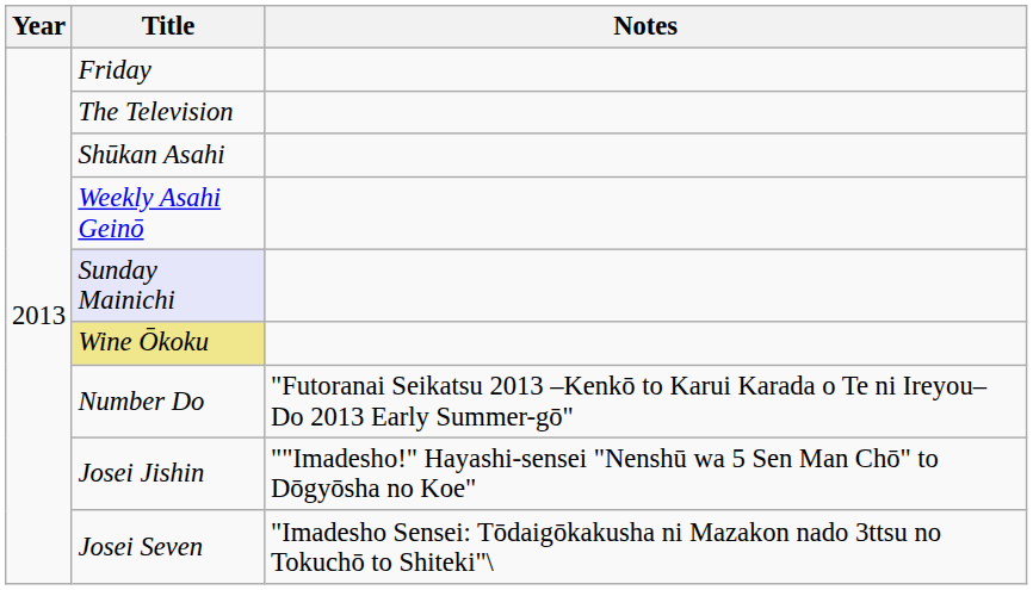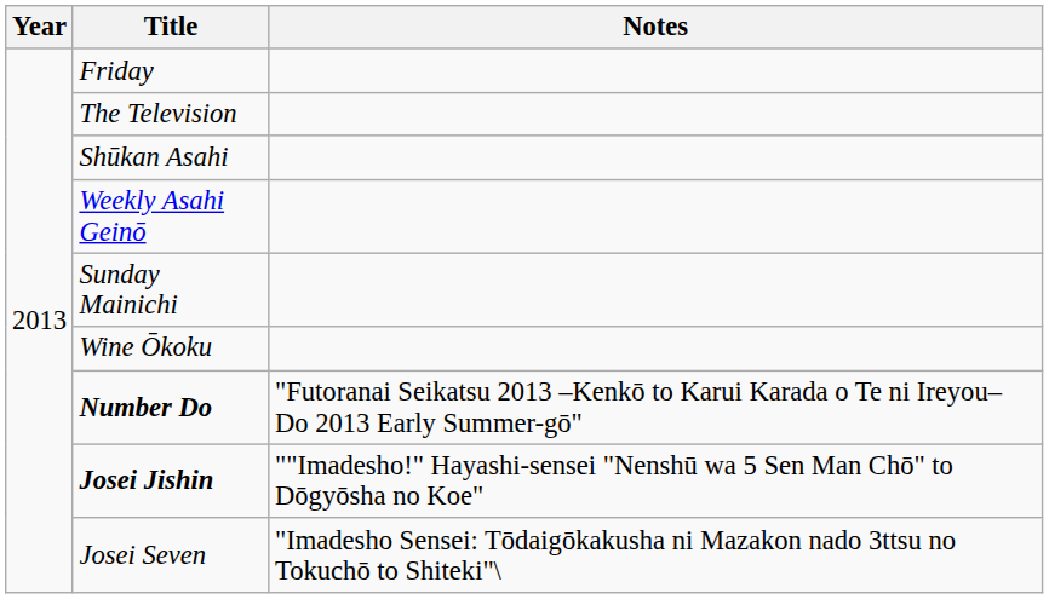 <table class="wikitable">
 <tr>
 <th>Year</th>
 <th>Title</th>
 <th>Notes</th>
 </tr>
 <tr>
 <td rowspan="9">2013</td>
 <td><em>Friday</em></td>
 <td></td>
 </tr>
 <tr>
 <td><em>The Television</em></td>
 <td></td>
 </tr>
 <tr>
 <td><em>Shūkan Asahi</em></td>
 <td></td>
 </tr>
 <tr>
 <td><em><a href='#'>Weekly Asahi Geinō</a></em></td>
 <td></td>
 </tr>
 <tr>
-<td style="background: lavender;"><em>Sunday Mainichi</em></td>
+<td><em>Sunday Mainichi</em></td>
 <td></td>
 </tr>
 <tr>
-<td style="background: khaki;"><em>Wine Ōkoku</em></td>
+<td><em>Wine Ōkoku</em></td>
 <td></td>
 </tr>
 <tr>
-<td><em>Number Do</em></td>
+<td><strong><em>Number Do</em></strong></td>
 <td>"Futoranai Seikatsu 2013 –Kenkō to Karui Karada o Te ni Ireyou– Do 2013 Early Summer-gō"</td>
 </tr>
 <tr>
-<td><em>Josei Jishin</em></td>
+<td><strong><em>Josei Jishin</em></strong></td>
 <td>""Imadesho!" Hayashi-sensei "Nenshū wa 5 Sen Man Chō" to Dōgyōsha no Koe"</td>
 </tr>
 <tr>
 <td><em>Josei Seven</em></td>
 <td>"Imadesho Sensei: Tōdaigōkakusha ni Mazakon nado 3ttsu no Tokuchō to Shiteki"\</td>
 </tr>
 </table>
